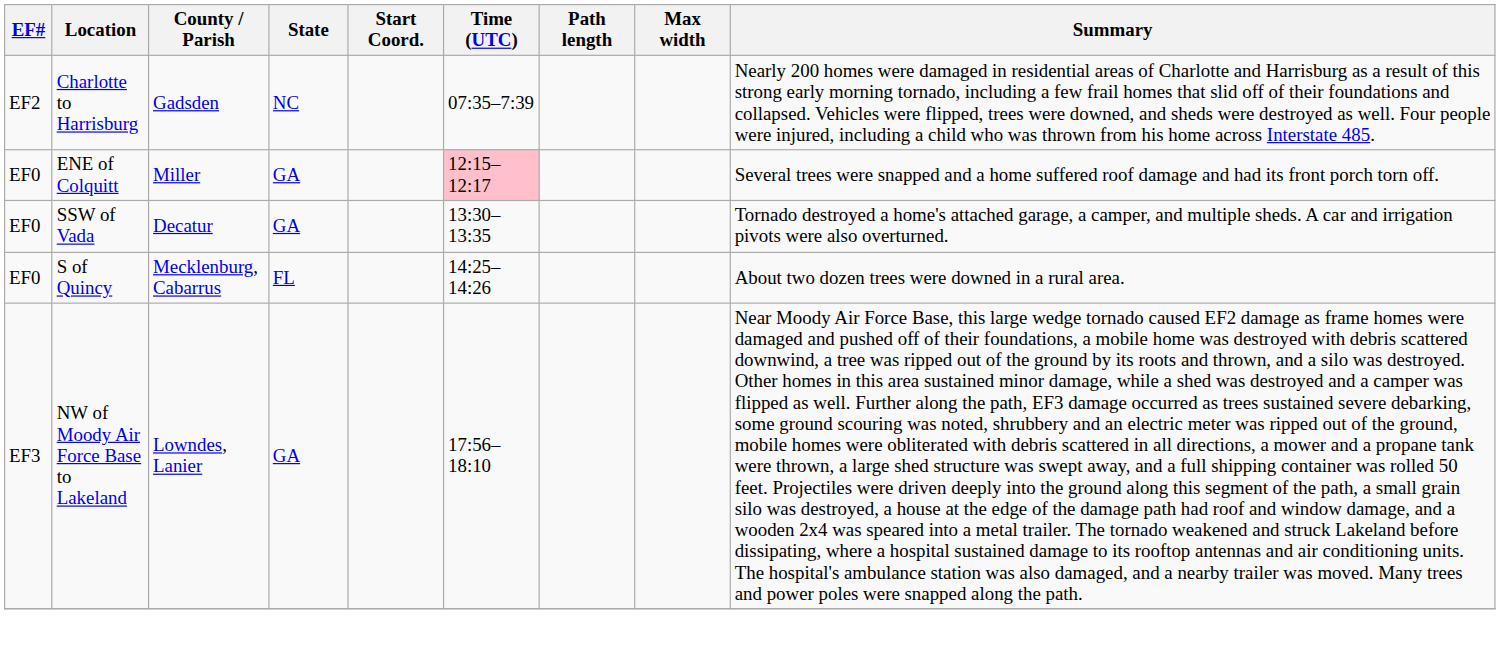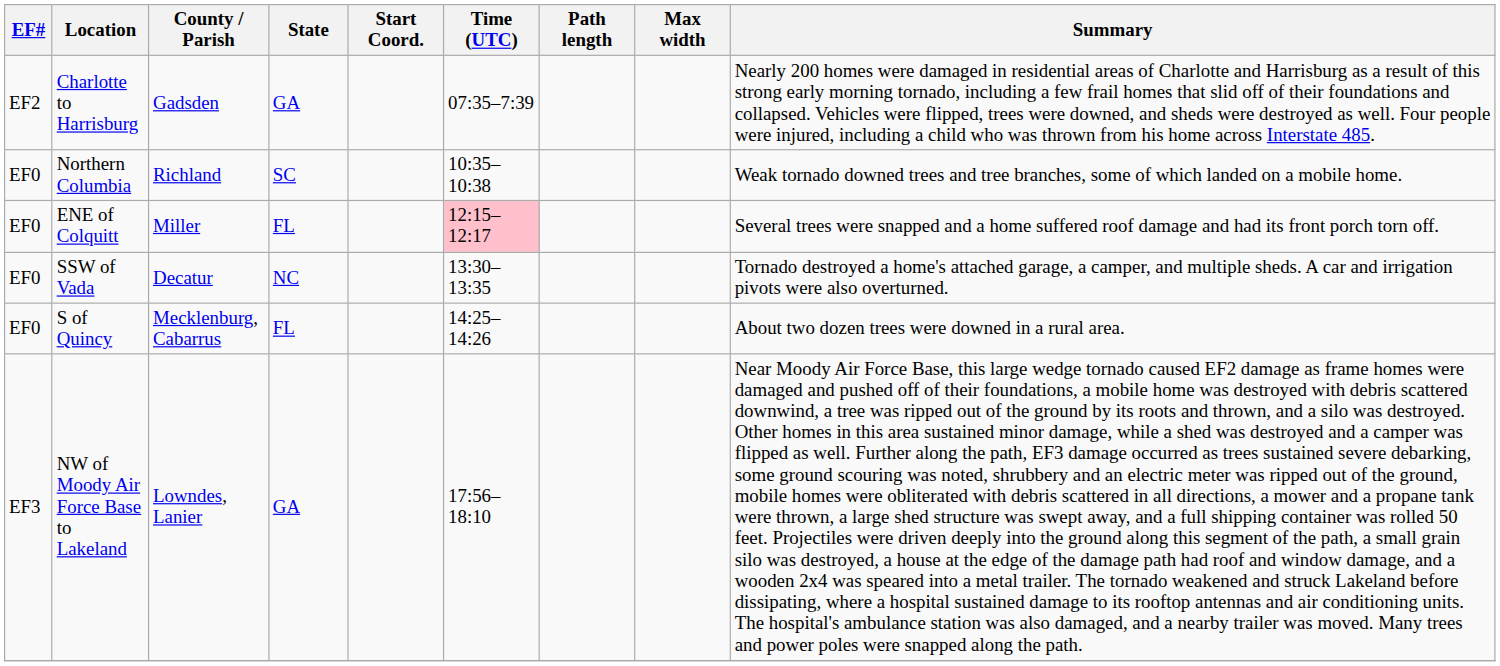 <table class="wikitable sortable" style="width:100%;">
 <tr>
 <th scope="col" width="3%" align="center"><a href='#'>EF#</a></th>
 <th scope="col" width="6%" align="center" class="unsortable">Location</th>
 <th scope="col" width="6%" align="center" class="unsortable">County / Parish</th>
 <th scope="col" width="5%" align="center">State</th>
 <th scope="col" width="6%" align="center" data-sort-type="number">Start Coord.</th>
 <th scope="col" width="6%" align="center" data-sort-type="number">Time (<a href='#'>UTC</a>)</th>
 <th scope="col" width="6%" align="center" data-sort-type="number">Path length</th>
 <th scope="col" width="6%" align="center" data-sort-type="number">Max width</th>
 <th scope="col" width="48%" class="unsortable" align="center">Summary</th>
 </tr>
 <tr>
 <td>EF2</td>
 <td><a href='#'>Charlotte</a> to <a href='#'>Harrisburg</a></td>
 <td><a href='#'>Gadsden</a></td>
-<td><a href='#'>NC</a></td>
+<td><a href='#'>GA</a></td>
 <td></td>
 <td>07:35–7:39</td>
 <td></td>
 <td></td>
 <td>Nearly 200 homes were damaged in residential areas of Charlotte and Harrisburg as a result of this strong early morning tornado, including a few frail homes that slid off of their foundations and collapsed. Vehicles were flipped, trees were downed, and sheds were destroyed as well. Four people were injured, including a child who was thrown from his home across <a href='#'>Interstate 485</a>.</td>
 </tr>
 <tr>
 <td>EF0</td>
+<td>Northern <a href='#'>Columbia</a></td>
+<td><a href='#'>Richland</a></td>
+<td><a href='#'>SC</a></td>
+<td></td>
+<td>10:35–10:38</td>
+<td></td>
+<td></td>
+<td>Weak tornado downed trees and tree branches, some of which landed on a mobile home.</td>
+</tr>
+<tr>
+<td>EF0</td>
 <td>ENE of <a href='#'>Colquitt</a></td>
 <td><a href='#'>Miller</a></td>
-<td><a href='#'>GA</a></td>
+<td><a href='#'>FL</a></td>
 <td></td>
 <td style="background: pink;">12:15–12:17</td>
 <td></td>
 <td></td>
 <td>Several trees were snapped and a home suffered roof damage and had its front porch torn off.</td>
 </tr>
 <tr>
 <td>EF0</td>
 <td>SSW of <a href='#'>Vada</a></td>
 <td><a href='#'>Decatur</a></td>
-<td><a href='#'>GA</a></td>
+<td><a href='#'>NC</a></td>
 <td></td>
 <td>13:30–13:35</td>
 <td></td>
 <td></td>
 <td>Tornado destroyed a home's attached garage, a camper, and multiple sheds. A car and irrigation pivots were also overturned.</td>
 </tr>
 <tr>
 <td>EF0</td>
 <td>S of <a href='#'>Quincy</a></td>
 <td><a href='#'>Mecklenburg</a>, <a href='#'>Cabarrus</a></td>
 <td><a href='#'>FL</a></td>
 <td></td>
 <td>14:25–14:26</td>
 <td></td>
 <td></td>
 <td>About two dozen trees were downed in a rural area.</td>
 </tr>
 <tr>
 <td>EF3</td>
 <td>NW of <a href='#'>Moody Air Force Base</a> to <a href='#'>Lakeland</a></td>
 <td><a href='#'>Lowndes</a>, <a href='#'>Lanier</a></td>
 <td><a href='#'>GA</a></td>
 <td></td>
 <td>17:56–18:10</td>
 <td></td>
 <td></td>
 <td>Near Moody Air Force Base, this large wedge tornado caused EF2 damage as frame homes were damaged and pushed off of their foundations, a mobile home was destroyed with debris scattered downwind, a tree was ripped out of the ground by its roots and thrown, and a silo was destroyed. Other homes in this area sustained minor damage, while a shed was destroyed and a camper was flipped as well. Further along the path, EF3 damage occurred as trees sustained severe debarking, some ground scouring was noted, shrubbery and an electric meter was ripped out of the ground, mobile homes were obliterated with debris scattered in all directions, a mower and a propane tank were thrown, a large shed structure was swept away, and a full shipping container was rolled 50 feet. Projectiles were driven deeply into the ground along this segment of the path, a small grain silo was destroyed, a house at the edge of the damage path had roof and window damage, and a wooden 2x4 was speared into a metal trailer. The tornado weakened and struck Lakeland before dissipating, where a hospital sustained damage to its rooftop antennas and air conditioning units. The hospital's ambulance station was also damaged, and a nearby trailer was moved. Many trees and power poles were snapped along the path.</td>
 </tr>
 <tr>
 </tr>
 </table>
